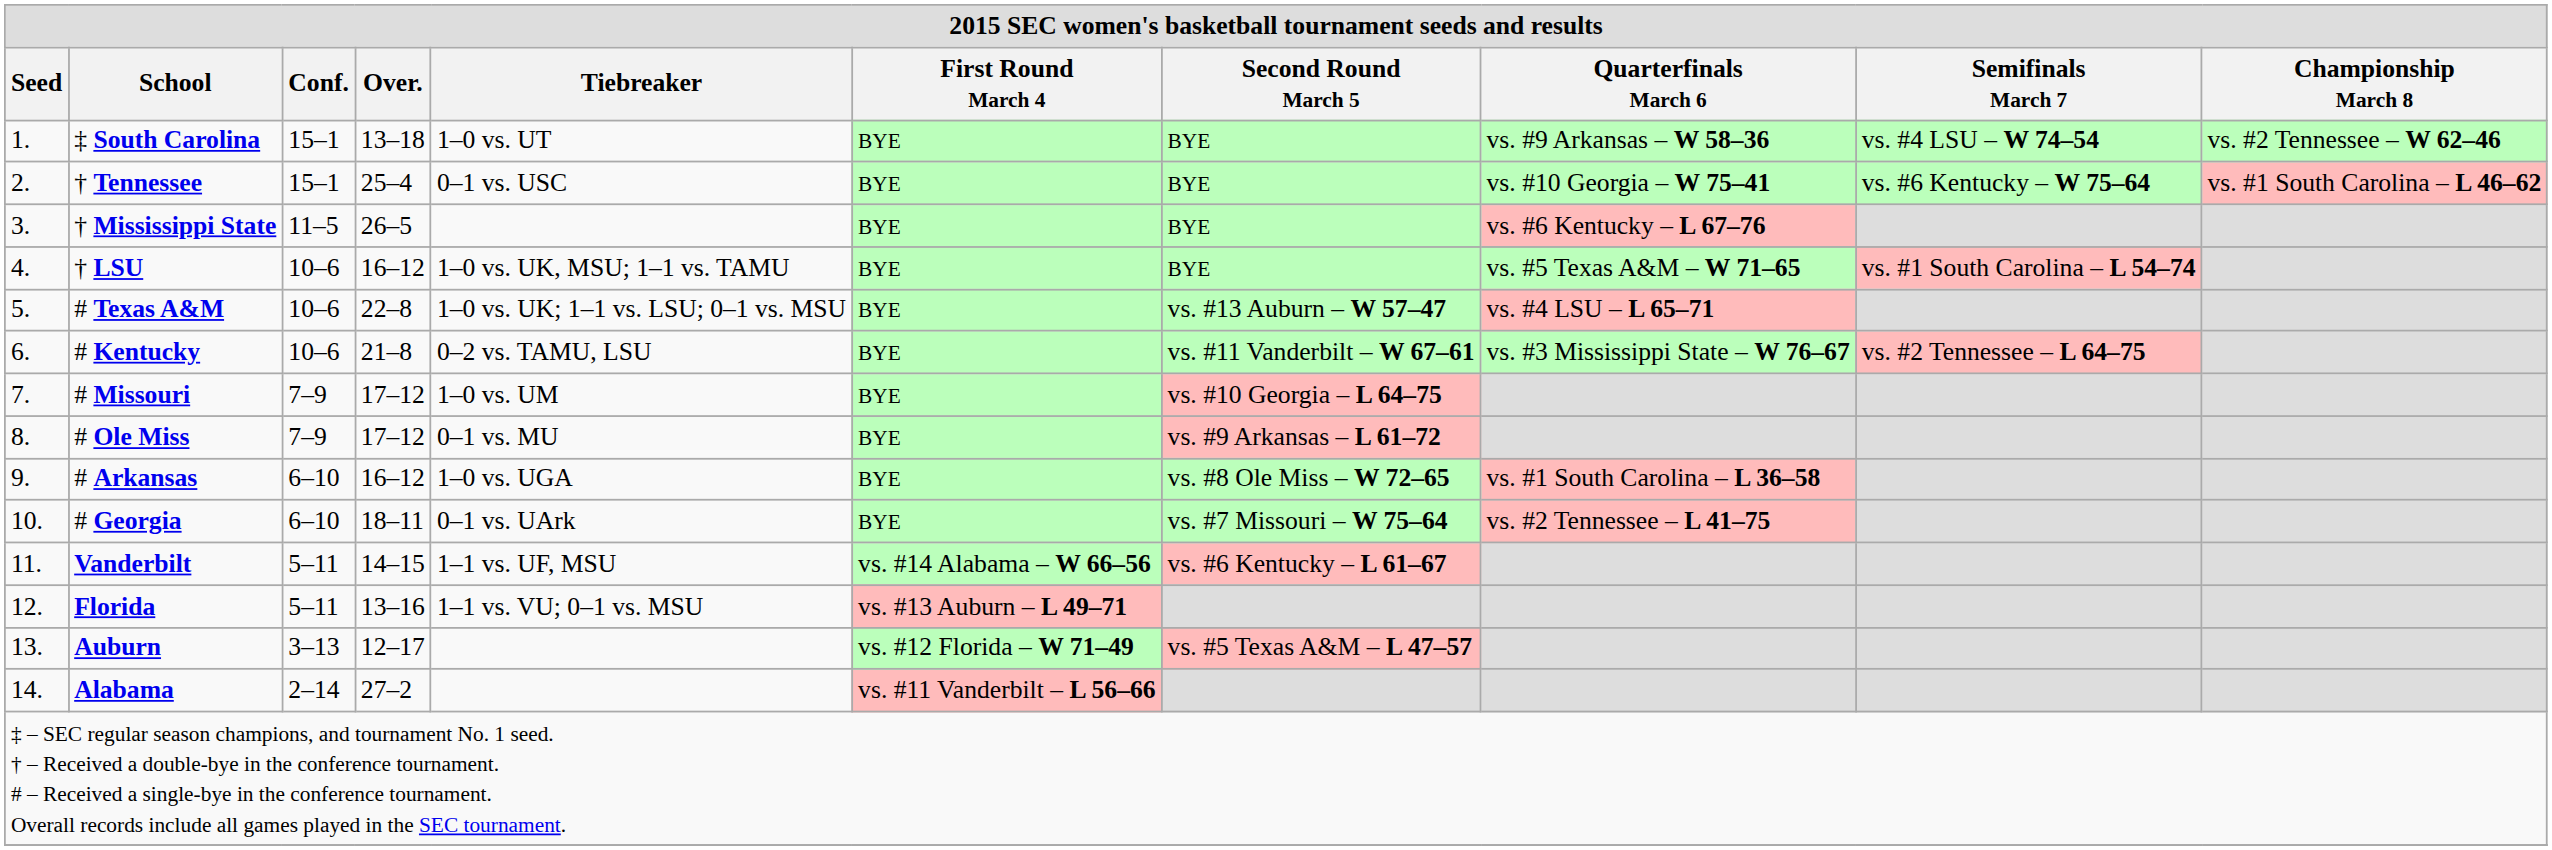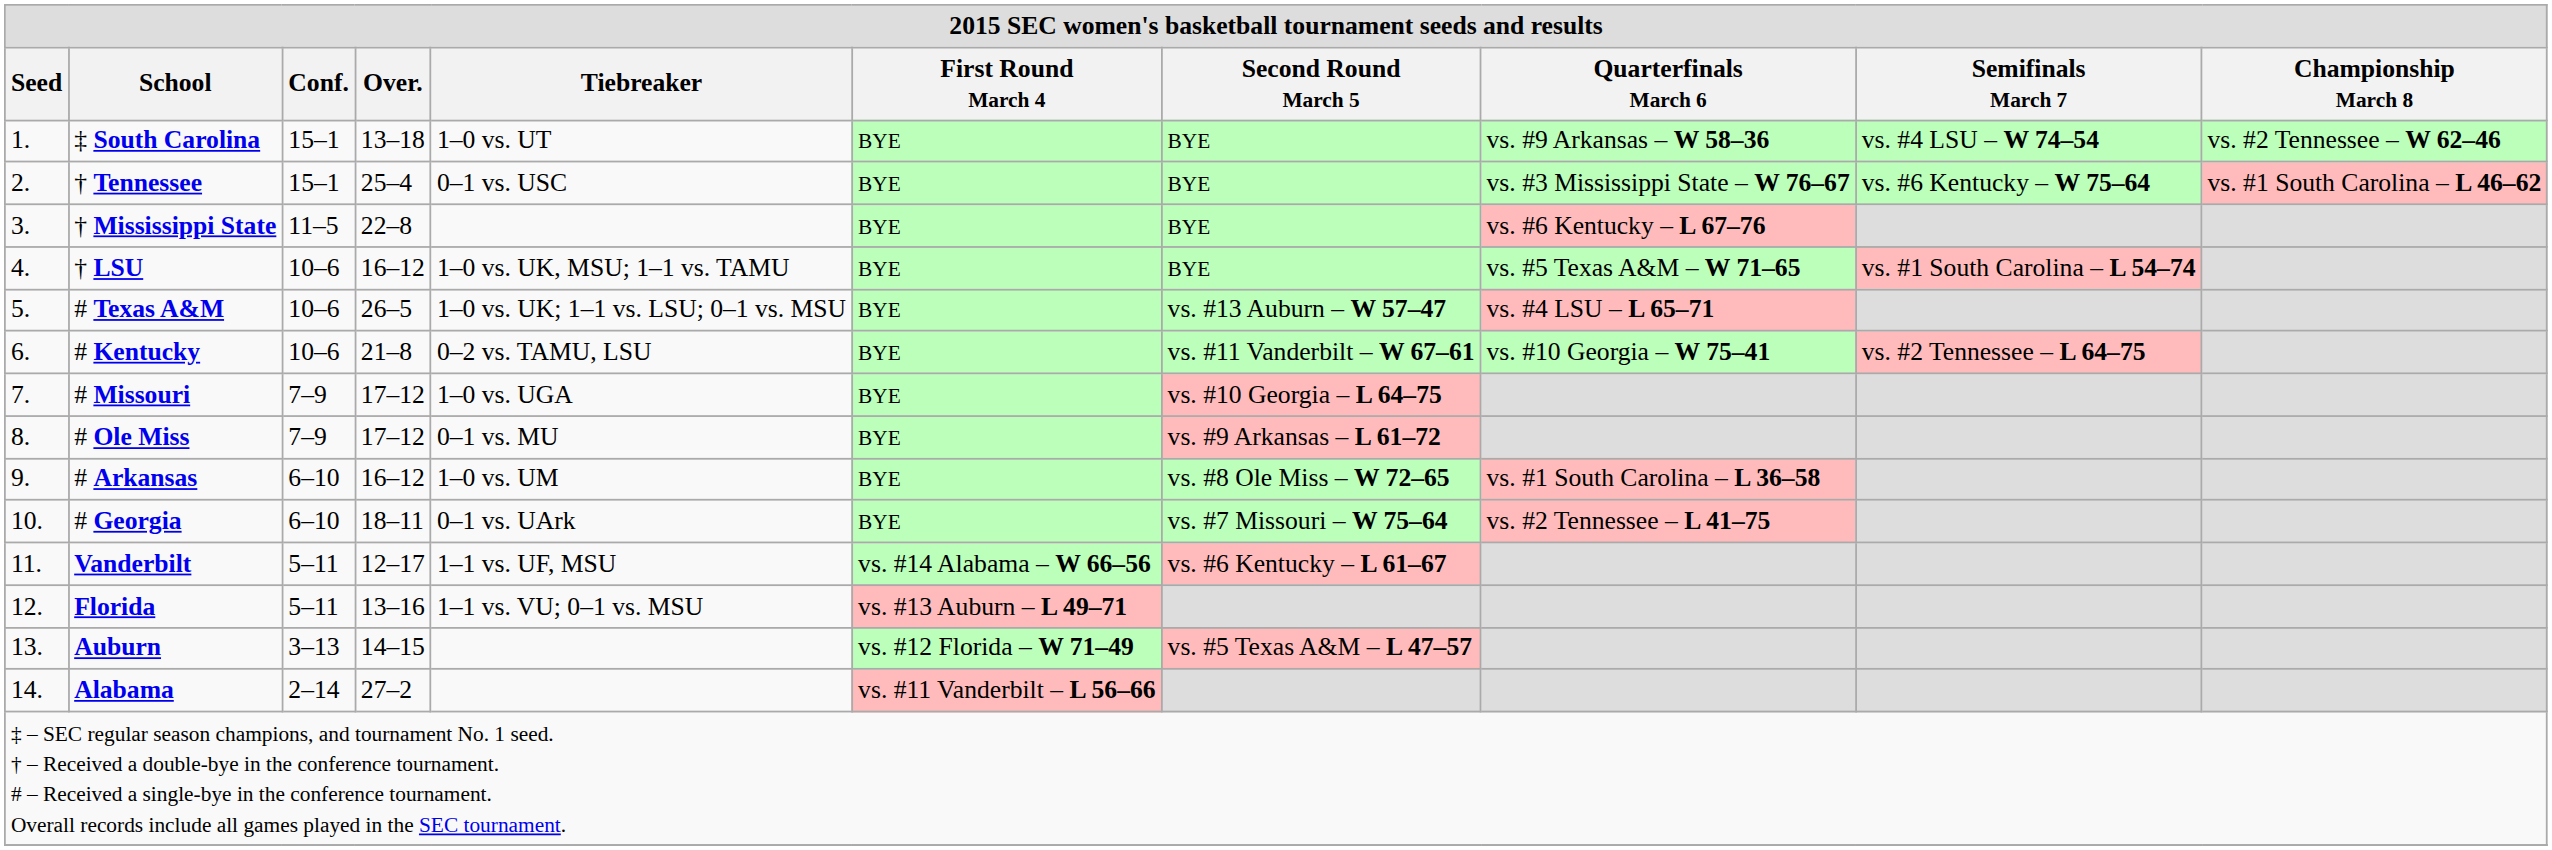 <table class="wikitable" style="white-space:nowrap; font-size:90%;">
 <tr>
 <td colspan="10" style="text-align:center; background:#DDDDDD; font:#000000"><strong>2015 SEC women's basketball tournament seeds and results</strong></td>
 </tr>
 <tr bgcolor="#efefef">
 <th>Seed</th>
 <th>School</th>
 <th>Conf.</th>
 <th>Over.</th>
 <th>Tiebreaker</th>
 <th>First Round<br><small>March 4</small></th>
 <th>Second Round<br><small>March 5</small></th>
 <th>Quarterfinals<br><small>March 6</small></th>
 <th>Semifinals<br><small>March 7</small></th>
 <th>Championship<br><small>March 8</small></th>
 </tr>
 <tr>
 <td>1.</td>
 <td>‡ <strong><a href='#'>South Carolina</a></strong></td>
 <td>15–1</td>
 <td>13–18</td>
 <td>1–0 vs. UT</td>
 <td style="background:#bfb;"><small>BYE</small></td>
 <td style="background:#bfb;"><small>BYE</small></td>
 <td style="background:#bfb;">vs. #9 Arkansas – <strong>W 58–36</strong></td>
 <td style="background:#bfb;">vs. #4 LSU – <strong>W 74–54</strong></td>
 <td style="background:#bfb;">vs. #2 Tennessee – <strong>W 62–46</strong></td>
 </tr>
 <tr>
 <td>2.</td>
 <td>† <strong><a href='#'>Tennessee</a></strong></td>
 <td>15–1</td>
 <td>25–4</td>
 <td>0–1 vs. USC</td>
 <td style="background:#bfb;"><small>BYE</small></td>
 <td style="background:#bfb;"><small>BYE</small></td>
-<td style="background:#bfb;">vs. #10 Georgia – <strong>W 75–41</strong></td>
+<td style="background:#bfb;">vs. #3 Mississippi State – <strong>W 76–67</strong></td>
 <td style="background:#bfb;">vs. #6 Kentucky – <strong>W 75–64</strong></td>
 <td style="background:#fbb;">vs. #1 South Carolina – <strong>L 46–62</strong></td>
 </tr>
 <tr>
 <td>3.</td>
 <td>† <strong><a href='#'>Mississippi State</a></strong></td>
 <td>11–5</td>
-<td>26–5</td>
+<td>22–8</td>
 <td></td>
 <td style="background:#bfb;"><small>BYE</small></td>
 <td style="background:#bfb;"><small>BYE</small></td>
 <td style="background:#fbb;">vs. #6 Kentucky – <strong>L 67–76</strong></td>
 <td style="background:#ddd;"></td>
 <td style="background:#ddd;"></td>
 </tr>
 <tr>
 <td>4.</td>
 <td>† <strong><a href='#'>LSU</a></strong></td>
 <td>10–6</td>
 <td>16–12</td>
 <td>1–0 vs. UK, MSU; 1–1 vs. TAMU</td>
 <td style="background:#bfb;"><small>BYE</small></td>
 <td style="background:#bfb;"><small>BYE</small></td>
 <td style="background:#bfb;">vs. #5 Texas A&M – <strong>W 71–65</strong></td>
 <td style="background:#fbb;">vs. #1 South Carolina – <strong>L 54–74</strong></td>
 <td style="background:#ddd;"></td>
 </tr>
 <tr>
 <td>5.</td>
 <td># <strong><a href='#'>Texas A&M</a></strong></td>
 <td>10–6</td>
-<td>22–8</td>
+<td>26–5</td>
 <td>1–0 vs. UK; 1–1 vs. LSU; 0–1 vs. MSU</td>
 <td style="background:#bfb;"><small>BYE</small></td>
 <td style="background:#bfb;">vs. #13 Auburn – <strong>W 57–47</strong></td>
 <td style="background:#fbb;">vs. #4 LSU – <strong>L 65–71</strong></td>
 <td style="background:#ddd;"></td>
 <td style="background:#ddd;"></td>
 </tr>
 <tr>
 <td>6.</td>
 <td># <strong><a href='#'>Kentucky</a></strong></td>
 <td>10–6</td>
 <td>21–8</td>
 <td>0–2 vs. TAMU, LSU</td>
 <td style="background:#bfb;"><small>BYE</small></td>
 <td style="background:#bfb;">vs. #11 Vanderbilt – <strong>W 67–61</strong></td>
-<td style="background:#bfb;">vs. #3 Mississippi State – <strong>W 76–67</strong></td>
+<td style="background:#bfb;">vs. #10 Georgia – <strong>W 75–41</strong></td>
 <td style="background:#fbb;">vs. #2 Tennessee – <strong>L 64–75</strong></td>
 <td style="background:#ddd;"></td>
 </tr>
 <tr>
 <td>7.</td>
 <td># <strong><a href='#'>Missouri</a></strong></td>
 <td>7–9</td>
 <td>17–12</td>
-<td>1–0 vs. UM</td>
+<td>1–0 vs. UGA</td>
 <td style="background:#bfb;"><small>BYE</small></td>
 <td style="background:#fbb;">vs. #10 Georgia – <strong>L 64–75</strong></td>
 <td style="background:#ddd;"></td>
 <td style="background:#ddd;"></td>
 <td style="background:#ddd;"></td>
 </tr>
 <tr>
 <td>8.</td>
 <td># <strong><a href='#'>Ole Miss</a></strong></td>
 <td>7–9</td>
 <td>17–12</td>
 <td>0–1 vs. MU</td>
 <td style="background:#bfb;"><small>BYE</small></td>
 <td style="background:#fbb;">vs. #9 Arkansas – <strong>L 61–72</strong></td>
 <td style="background:#ddd;"></td>
 <td style="background:#ddd;"></td>
 <td style="background:#ddd;"></td>
 </tr>
 <tr>
 <td>9.</td>
 <td># <strong><a href='#'>Arkansas</a></strong></td>
 <td>6–10</td>
 <td>16–12</td>
-<td>1–0 vs. UGA</td>
+<td>1–0 vs. UM</td>
 <td style="background:#bfb;"><small>BYE</small></td>
 <td style="background:#bfb;">vs. #8 Ole Miss – <strong>W 72–65</strong></td>
 <td style="background:#fbb;">vs. #1 South Carolina – <strong>L 36–58</strong></td>
 <td style="background:#ddd;"></td>
 <td style="background:#ddd;"></td>
 </tr>
 <tr>
 <td>10.</td>
 <td># <strong><a href='#'>Georgia</a></strong></td>
 <td>6–10</td>
 <td>18–11</td>
 <td>0–1 vs. UArk</td>
 <td style="background:#bfb;"><small>BYE</small></td>
 <td style="background:#bfb;">vs. #7 Missouri – <strong>W 75–64</strong></td>
 <td style="background:#fbb;">vs. #2 Tennessee – <strong>L 41–75</strong></td>
 <td style="background:#ddd;"></td>
 <td style="background:#ddd;"></td>
 </tr>
 <tr>
 <td>11.</td>
 <td><strong><a href='#'>Vanderbilt</a></strong></td>
 <td>5–11</td>
-<td>14–15</td>
+<td>12–17</td>
 <td>1–1 vs. UF, MSU</td>
 <td style="background:#bfb;">vs. #14 Alabama – <strong>W 66–56</strong></td>
 <td style="background:#fbb;">vs. #6 Kentucky – <strong>L 61–67</strong></td>
 <td style="background:#ddd;"></td>
 <td style="background:#ddd;"></td>
 <td style="background:#ddd;"></td>
 </tr>
 <tr>
 <td>12.</td>
 <td><strong><a href='#'>Florida</a></strong></td>
 <td>5–11</td>
 <td>13–16</td>
 <td>1–1 vs. VU; 0–1 vs. MSU</td>
 <td style="background:#fbb;">vs. #13 Auburn – <strong>L 49–71</strong></td>
 <td style="background:#ddd;"></td>
 <td style="background:#ddd;"></td>
 <td style="background:#ddd;"></td>
 <td style="background:#ddd;"></td>
 </tr>
 <tr>
 <td>13.</td>
 <td><strong><a href='#'>Auburn</a></strong></td>
 <td>3–13</td>
-<td>12–17</td>
+<td>14–15</td>
 <td></td>
 <td style="background:#bfb;">vs. #12 Florida – <strong>W 71–49</strong></td>
 <td style="background:#fbb;">vs. #5 Texas A&M – <strong>L 47–57</strong></td>
 <td style="background:#ddd;"></td>
 <td style="background:#ddd;"></td>
 <td style="background:#ddd;"></td>
 </tr>
 <tr>
 <td>14.</td>
 <td><strong><a href='#'>Alabama</a></strong></td>
 <td>2–14</td>
 <td>27–2</td>
 <td></td>
 <td style="background:#fbb;">vs. #11 Vanderbilt – <strong>L 56–66</strong></td>
 <td style="background:#ddd;"></td>
 <td style="background:#ddd;"></td>
 <td style="background:#ddd;"></td>
 <td style="background:#ddd;"></td>
 </tr>
 <tr>
 <td colspan="10" style="text-align:left;"><small>‡ – SEC regular season champions, and tournament No. 1 seed.<br>† – Received a double-bye in the conference tournament.<br># – Received a single-bye in the conference tournament.<br>Overall records include all games played in the <a href='#'>SEC tournament</a>.</small></td>
 </tr>
 <tr>
 </tr>
 </table>
